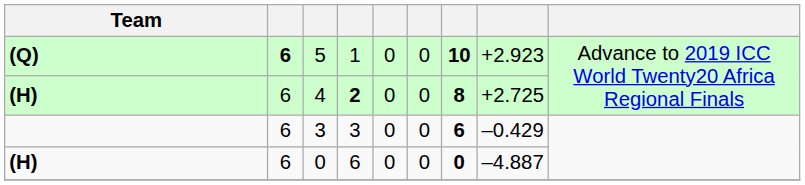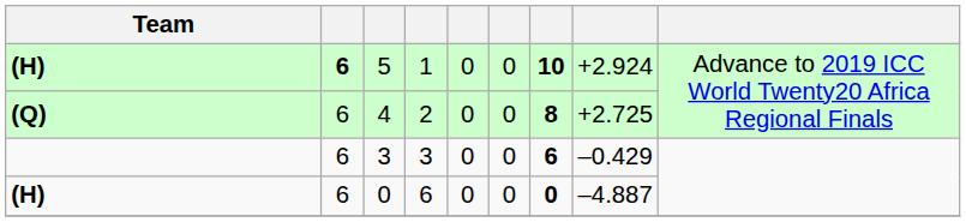 <table class="wikitable" style="text-align:center">
 <tr>
 <th width=200>Team</th>
 <th width=20></th>
 <th width=20></th>
 <th width=20></th>
 <th width=20></th>
 <th width=20></th>
 <th width=20></th>
 <th width=45></th>
 <th width=190></th>
 </tr>
 <tr style="background:#cfc">
-<td align="left"> <strong>(Q)</strong></td>
+<td align="left">  <strong>(H)</strong></td>
 <td><strong>6</strong></td>
 <td>5</td>
 <td>1</td>
 <td>0</td>
 <td>0</td>
 <td><strong>10</strong></td>
-<td>+2.923</td>
+<td>+2.924</td>
 <td rowspan=2>Advance to <a href='#'>2019 ICC World Twenty20 Africa Regional Finals</a></td>
 </tr>
 <tr style="background:#cfc">
-<td align="left">  <strong>(H)</strong></td>
+<td align="left"> <strong>(Q)</strong></td>
 <td>6</td>
 <td>4</td>
-<td><strong>2</strong></td>
+<td>2</td>
 <td>0</td>
 <td>0</td>
 <td><strong>8</strong></td>
 <td>+2.725</td>
 </tr>
 <tr>
 <td align="left"></td>
 <td>6</td>
 <td>3</td>
 <td>3</td>
 <td>0</td>
 <td>0</td>
 <td><strong>6</strong></td>
 <td>–0.429</td>
 <td rowspan=2></td>
 </tr>
 <tr>
 <td align="left">  <strong>(H)</strong></td>
 <td>6</td>
 <td>0</td>
 <td>6</td>
 <td>0</td>
 <td>0</td>
 <td><strong>0</strong></td>
 <td>–4.887</td>
 </tr>
 <tr>
 </tr>
 </table>
